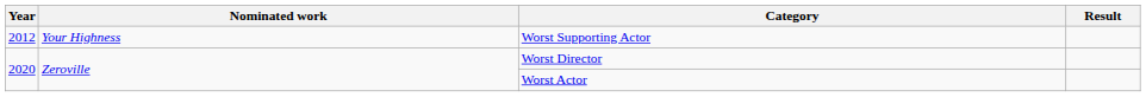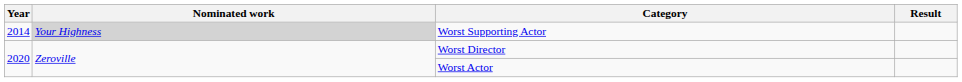 <table class="wikitable sortable">
 <tr>
 <th scope="col" style="width:1em;">Year</th>
 <th scope="col" style="width:35em;">Nominated work</th>
 <th scope="col" style="width:40em;">Category</th>
 <th scope="col" style="width:5em;">Result</th>
 </tr>
 <tr>
-<td rowspan="1"><a href='#'>2012</a></td>
-<td rowspan="1"><em><a href='#'>Your Highness</a></em></td>
+<td rowspan="1"><a href='#'>2014</a></td>
+<td rowspan="1" style="background: lightgrey;"><em><a href='#'>Your Highness</a></em></td>
 <td><a href='#'>Worst Supporting Actor</a></td>
 <td></td>
 </tr>
 <tr>
 <td rowspan="2"><a href='#'>2020</a></td>
 <td rowspan="2"><em><a href='#'>Zeroville</a></em></td>
 <td><a href='#'>Worst Director</a></td>
 <td></td>
 </tr>
 <tr>
 <td><a href='#'>Worst Actor</a></td>
 <td></td>
 </tr>
 </table>
